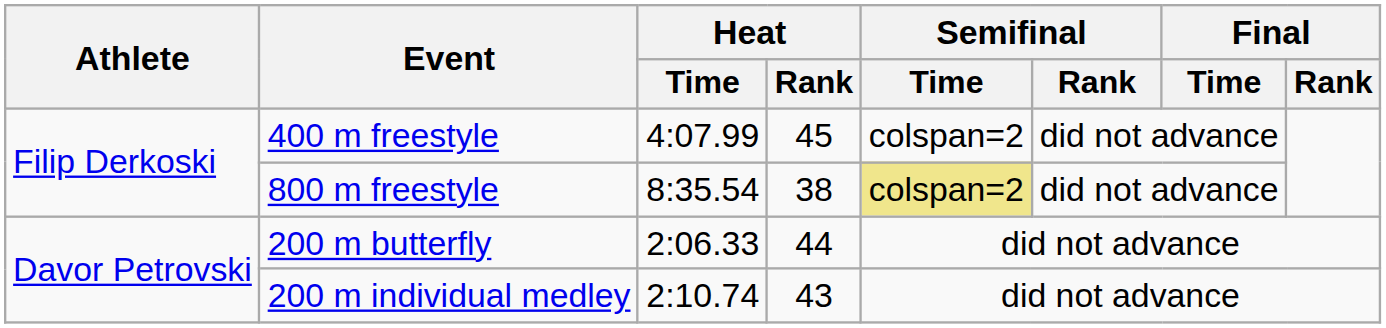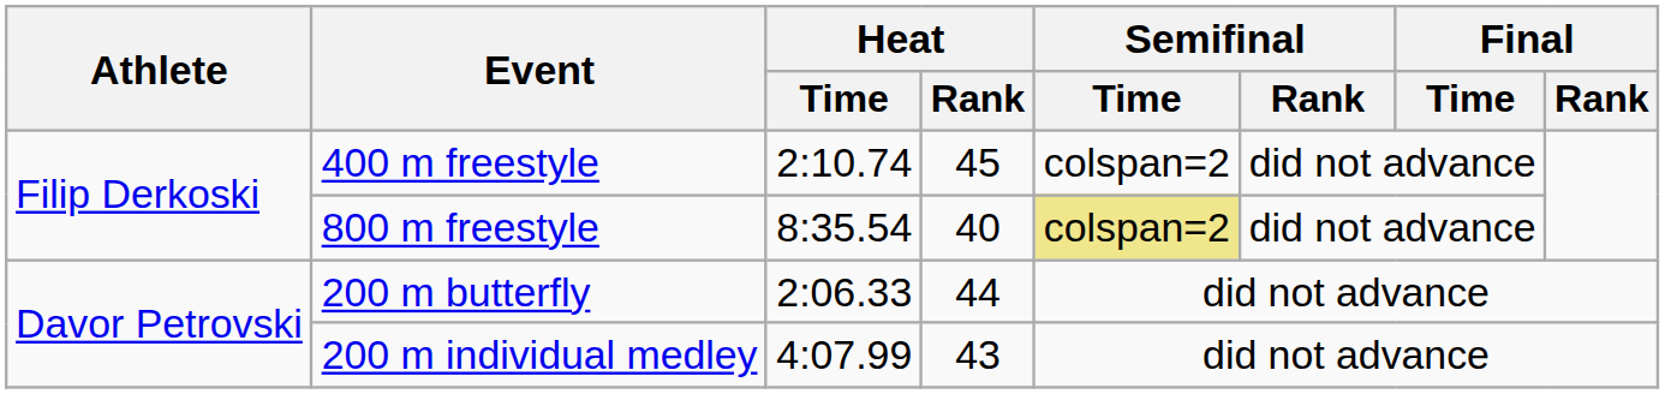 <table class="wikitable" style="text-align:center; font-size:90%">
 <tr>
 <th rowspan="2">Athlete</th>
 <th rowspan="2">Event</th>
 <th colspan="2">Heat</th>
 <th colspan="2">Semifinal</th>
 <th colspan="2">Final</th>
 </tr>
 <tr style="font-size:95%">
 <th>Time</th>
 <th>Rank</th>
 <th>Time</th>
 <th>Rank</th>
 <th>Time</th>
 <th>Rank</th>
 </tr>
 <tr>
 <td align=left rowspan=2><a href='#'>Filip Derkoski</a></td>
 <td align=left><a href='#'>400 m freestyle</a></td>
-<td>4:07.99</td>
+<td>2:10.74</td>
 <td>45</td>
 <td>colspan=2 </td>
 <td colspan=2>did not advance</td>
 </tr>
 <tr>
 <td align=left><a href='#'>800 m freestyle</a></td>
 <td>8:35.54</td>
-<td>38</td>
+<td>40</td>
 <td style="background: khaki;">colspan=2 </td>
 <td colspan=2>did not advance</td>
 </tr>
 <tr>
 <td align=left rowspan=2><a href='#'>Davor Petrovski</a></td>
 <td align=left><a href='#'>200 m butterfly</a></td>
 <td>2:06.33</td>
 <td>44</td>
 <td colspan=4>did not advance</td>
 </tr>
 <tr>
 <td align=left><a href='#'>200 m individual medley</a></td>
-<td>2:10.74</td>
+<td>4:07.99</td>
 <td>43</td>
 <td colspan=4>did not advance</td>
 </tr>
 </table>
